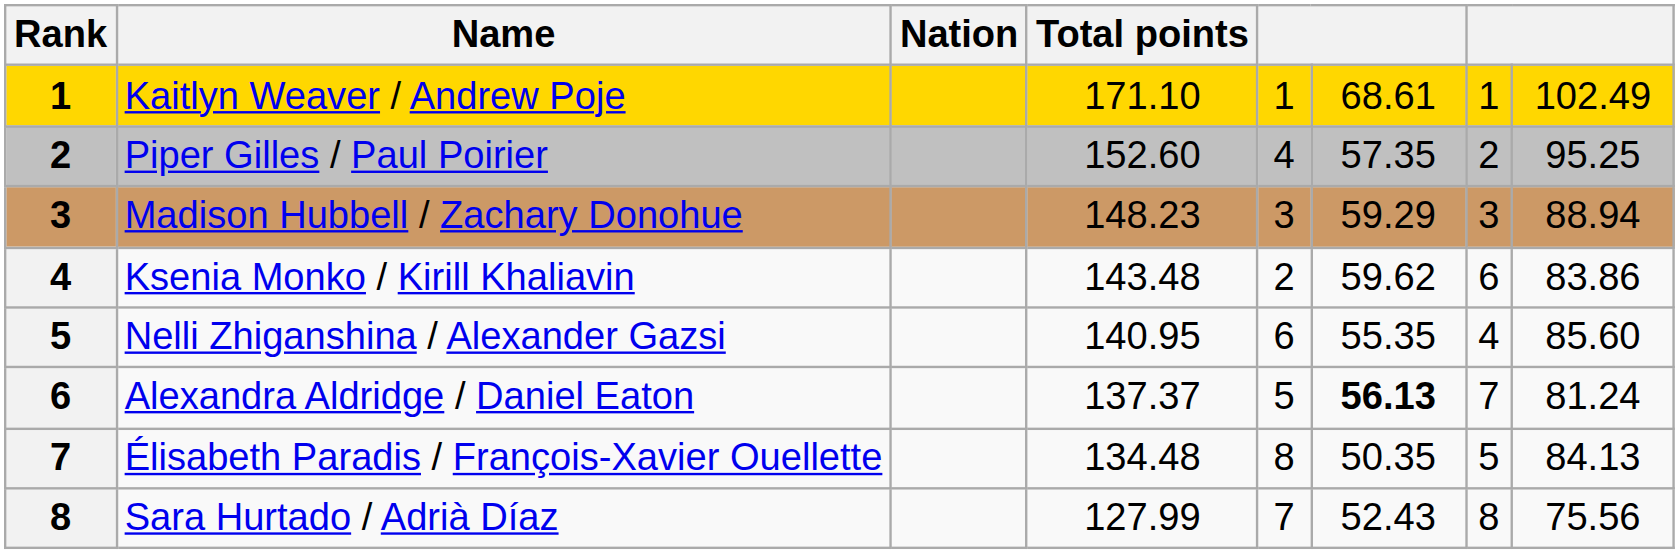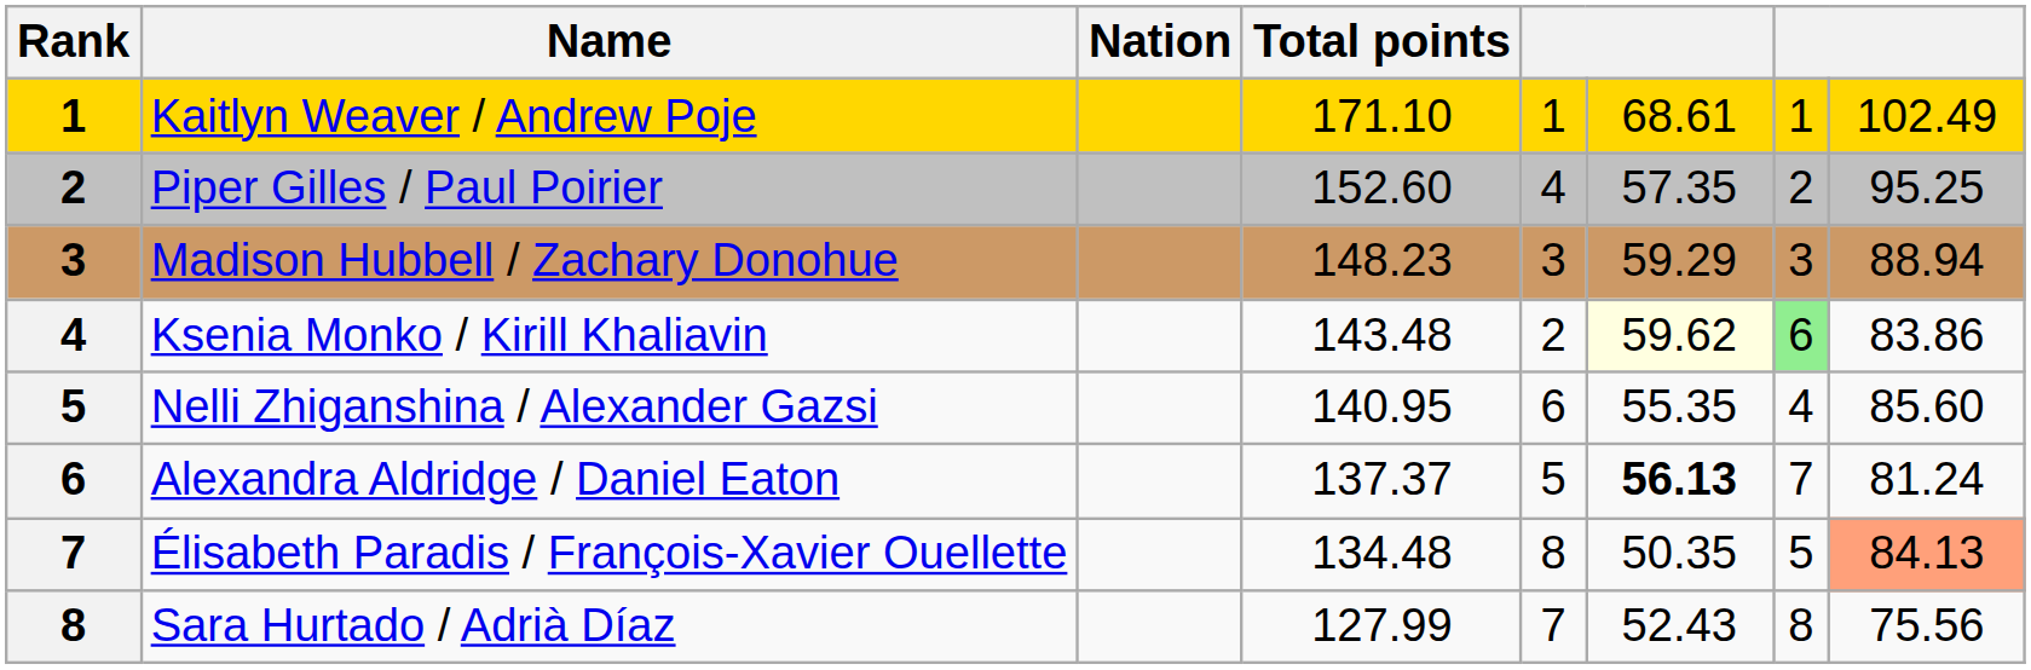 <table class="wikitable sortable">
 <tr>
 <th>Rank</th>
 <th>Name</th>
 <th>Nation</th>
 <th>Total points</th>
 <th colspan="2" width="80px"></th>
 <th colspan="2" width="80px"></th>
 </tr>
 <tr bgcolor="gold">
 <td align="center"><strong>1</strong></td>
 <td><a href='#'>Kaitlyn Weaver</a> / <a href='#'>Andrew Poje</a></td>
 <td></td>
 <td align="center">171.10</td>
 <td align="center">1</td>
 <td align="center">68.61</td>
 <td align="center">1</td>
 <td align="center">102.49</td>
 </tr>
 <tr bgcolor="silver">
 <td align="center"><strong>2</strong></td>
 <td><a href='#'>Piper Gilles</a> / <a href='#'>Paul Poirier</a></td>
 <td></td>
 <td align="center">152.60</td>
 <td align="center">4</td>
 <td align="center">57.35</td>
 <td align="center">2</td>
 <td align="center">95.25</td>
 </tr>
 <tr bgcolor="cc9966">
 <td align="center"><strong>3</strong></td>
 <td><a href='#'>Madison Hubbell</a> / <a href='#'>Zachary Donohue</a></td>
 <td></td>
 <td align="center">148.23</td>
 <td align="center">3</td>
 <td align="center">59.29</td>
 <td align="center">3</td>
 <td align="center">88.94</td>
 </tr>
 <tr>
 <th>4</th>
 <td><a href='#'>Ksenia Monko</a> / <a href='#'>Kirill Khaliavin</a></td>
 <td></td>
 <td align="center">143.48</td>
 <td align="center">2</td>
-<td align="center">59.62</td>
-<td align="center">6</td>
+<td align="center" style="background: lightyellow;">59.62</td>
+<td align="center" style="background: lightgreen;">6</td>
 <td align="center">83.86</td>
 </tr>
 <tr>
 <th>5</th>
 <td><a href='#'>Nelli Zhiganshina</a> / <a href='#'>Alexander Gazsi</a></td>
 <td></td>
 <td align="center">140.95</td>
 <td align="center">6</td>
 <td align="center">55.35</td>
 <td align="center">4</td>
 <td align="center">85.60</td>
 </tr>
 <tr>
 <th>6</th>
 <td><a href='#'>Alexandra Aldridge</a> / <a href='#'>Daniel Eaton</a></td>
 <td></td>
 <td align="center">137.37</td>
 <td align="center">5</td>
 <td align="center"><strong>56.13</strong></td>
 <td align="center">7</td>
 <td align="center">81.24</td>
 </tr>
 <tr>
 <th>7</th>
 <td><a href='#'>Élisabeth Paradis</a> / <a href='#'>François-Xavier Ouellette</a></td>
 <td></td>
 <td align="center">134.48</td>
 <td align="center">8</td>
 <td align="center">50.35</td>
 <td align="center">5</td>
-<td align="center">84.13</td>
+<td align="center" style="background: lightsalmon;">84.13</td>
 </tr>
 <tr>
 <th>8</th>
 <td><a href='#'>Sara Hurtado</a> / <a href='#'>Adrià Díaz</a></td>
 <td></td>
 <td align="center">127.99</td>
 <td align="center">7</td>
 <td align="center">52.43</td>
 <td align="center">8</td>
 <td align="center">75.56</td>
 </tr>
 </table>
